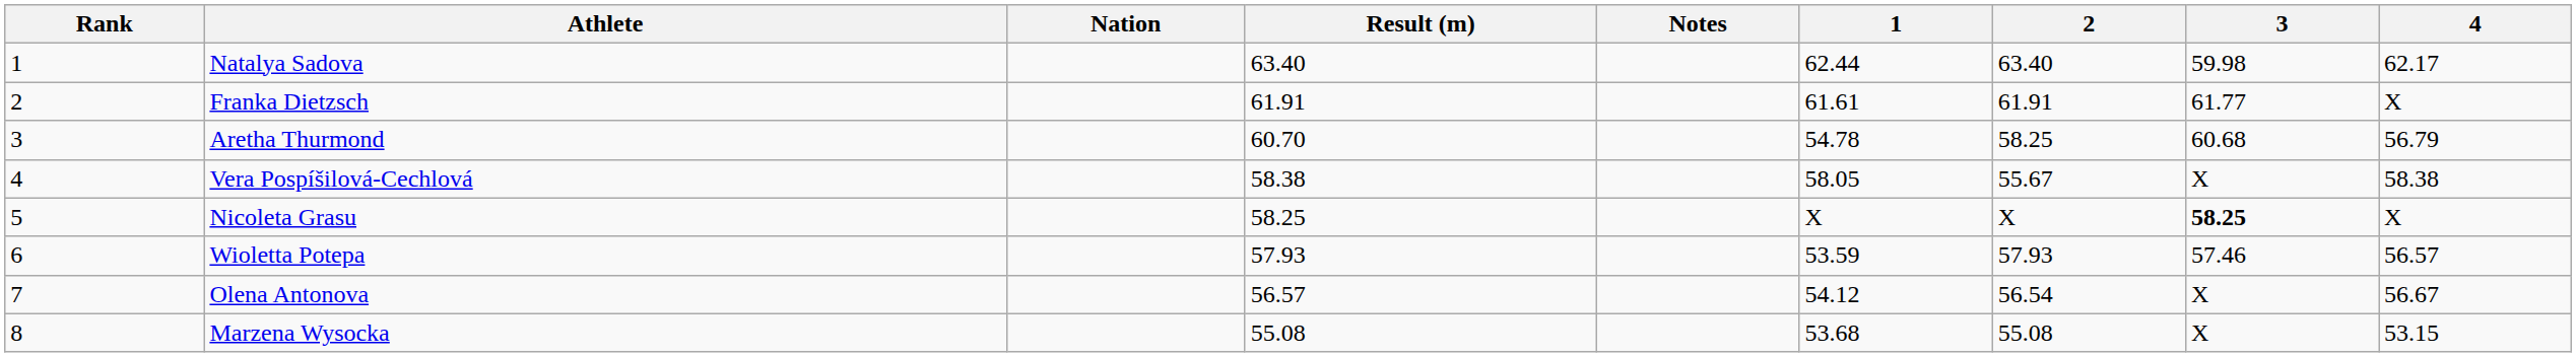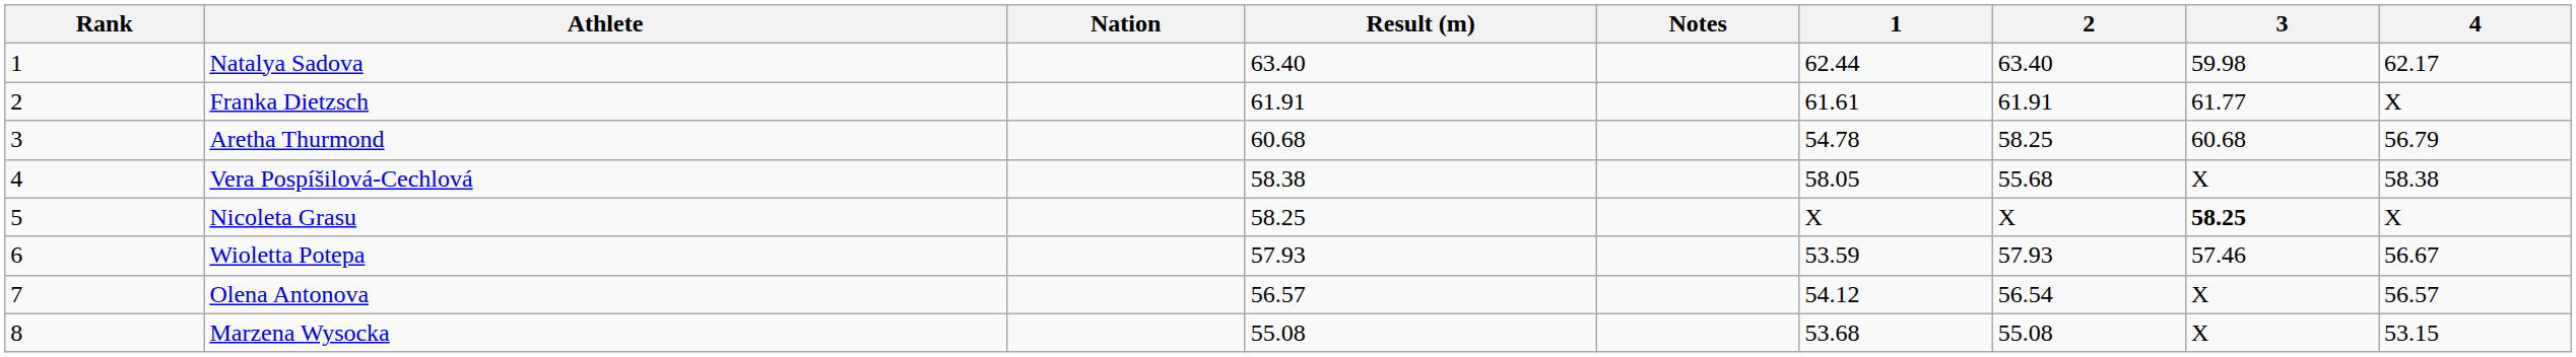 <table class="wikitable" style="text=align:center;" width=85%>
 <tr>
 <th>Rank</th>
 <th>Athlete</th>
 <th>Nation</th>
 <th>Result (m)</th>
 <th>Notes</th>
 <th>1</th>
 <th>2</th>
 <th>3</th>
 <th>4</th>
 </tr>
 <tr>
 <td>1</td>
 <td><a href='#'>Natalya Sadova</a></td>
 <td></td>
 <td>63.40</td>
 <td></td>
 <td>62.44</td>
 <td>63.40</td>
 <td>59.98</td>
 <td>62.17</td>
 </tr>
 <tr>
 <td>2</td>
 <td><a href='#'>Franka Dietzsch</a></td>
 <td></td>
 <td>61.91</td>
 <td></td>
 <td>61.61</td>
 <td>61.91</td>
 <td>61.77</td>
 <td>X</td>
 </tr>
 <tr>
 <td>3</td>
 <td><a href='#'>Aretha Thurmond</a></td>
 <td></td>
-<td>60.70</td>
+<td>60.68</td>
 <td></td>
 <td>54.78</td>
 <td>58.25</td>
 <td>60.68</td>
 <td>56.79</td>
 </tr>
 <tr>
 <td>4</td>
 <td><a href='#'>Vera Pospíšilová-Cechlová</a></td>
 <td></td>
 <td>58.38</td>
 <td></td>
 <td>58.05</td>
-<td>55.67</td>
+<td>55.68</td>
 <td>X</td>
 <td>58.38</td>
 </tr>
 <tr>
 <td>5</td>
 <td><a href='#'>Nicoleta Grasu</a></td>
 <td></td>
 <td>58.25</td>
 <td></td>
 <td>X</td>
 <td>X</td>
 <td><strong>58.25</strong></td>
 <td>X</td>
 </tr>
 <tr>
 <td>6</td>
 <td><a href='#'>Wioletta Potepa</a></td>
 <td></td>
 <td>57.93</td>
 <td></td>
 <td>53.59</td>
 <td>57.93</td>
 <td>57.46</td>
-<td>56.57</td>
+<td>56.67</td>
 </tr>
 <tr>
 <td>7</td>
 <td><a href='#'>Olena Antonova</a></td>
 <td></td>
 <td>56.57</td>
 <td></td>
 <td>54.12</td>
 <td>56.54</td>
 <td>X</td>
-<td>56.67</td>
+<td>56.57</td>
 </tr>
 <tr>
 <td>8</td>
 <td><a href='#'>Marzena Wysocka</a></td>
 <td></td>
 <td>55.08</td>
 <td></td>
 <td>53.68</td>
 <td>55.08</td>
 <td>X</td>
 <td>53.15</td>
 </tr>
 </table>
